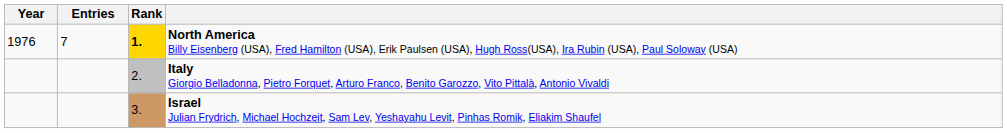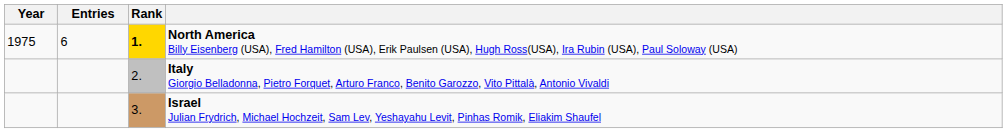 <table class="wikitable" style="width:100%;">
 <tr>
 <th>Year</th>
 <th>Entries</th>
 <th>Rank</th>
 <th></th>
 </tr>
 <tr>
-<td width=60>1976</td>
-<td>7</td>
+<td width=60>1975</td>
+<td>6</td>
 <td style="background:gold; width:30px;"><strong>1.</strong></td>
 <td> <strong>North America</strong><br><small><a href='#'>Billy Eisenberg</a> (USA), <a href='#'>Fred Hamilton</a> (USA), Erik Paulsen (USA), <a href='#'>Hugh Ross</a>(USA), <a href='#'>Ira Rubin</a> (USA), <a href='#'>Paul Soloway</a> (USA)</small></td>
 </tr>
 <tr>
 <td></td>
 <td></td>
 <td style="background:silver;">2.</td>
 <td> <strong>Italy</strong><br><small><a href='#'>Giorgio Belladonna</a>, <a href='#'>Pietro Forquet</a>, <a href='#'>Arturo Franco</a>, <a href='#'>Benito Garozzo</a>, <a href='#'>Vito Pittalà</a>, <a href='#'>Antonio Vivaldi</a></small></td>
 </tr>
 <tr>
 <td></td>
 <td></td>
 <td style="background:#c96;">3.</td>
 <td> <strong>Israel</strong><br><small><a href='#'>Julian Frydrich</a>, <a href='#'>Michael Hochzeit</a>, <a href='#'>Sam Lev</a>, <a href='#'>Yeshayahu Levit</a>, <a href='#'>Pinhas Romik</a>, <a href='#'>Eliakim Shaufel</a></small></td>
 </tr>
 </table>
